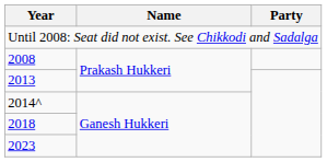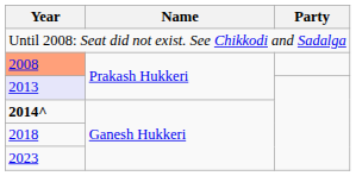 <table class="wikitable">
 <tr>
 <th>Year</th>
 <th>Name</th>
 <th colspan=2>Party</th>
 </tr>
 <tr>
 <td colspan=4 align=center>Until 2008: <em>Seat did not exist. See <a href='#'>Chikkodi</a> and <a href='#'>Sadalga</a></em></td>
 </tr>
 <tr>
-<td><a href='#'>2008</a></td>
+<td style="background: lightsalmon;"><a href='#'>2008</a></td>
 <td rowspan="2"><a href='#'>Prakash Hukkeri</a></td>
 <td></td>
 </tr>
 <tr>
-<td><a href='#'>2013</a></td>
+<td style="background: lavender;"><a href='#'>2013</a></td>
 </tr>
 <tr>
-<td>2014^</td>
+<td><strong>2014^</strong></td>
 <td rowspan="3"><a href='#'>Ganesh Hukkeri</a></td>
 </tr>
 <tr>
 <td><a href='#'>2018</a></td>
 </tr>
 <tr>
 <td><a href='#'>2023</a></td>
 </tr>
 </table>
